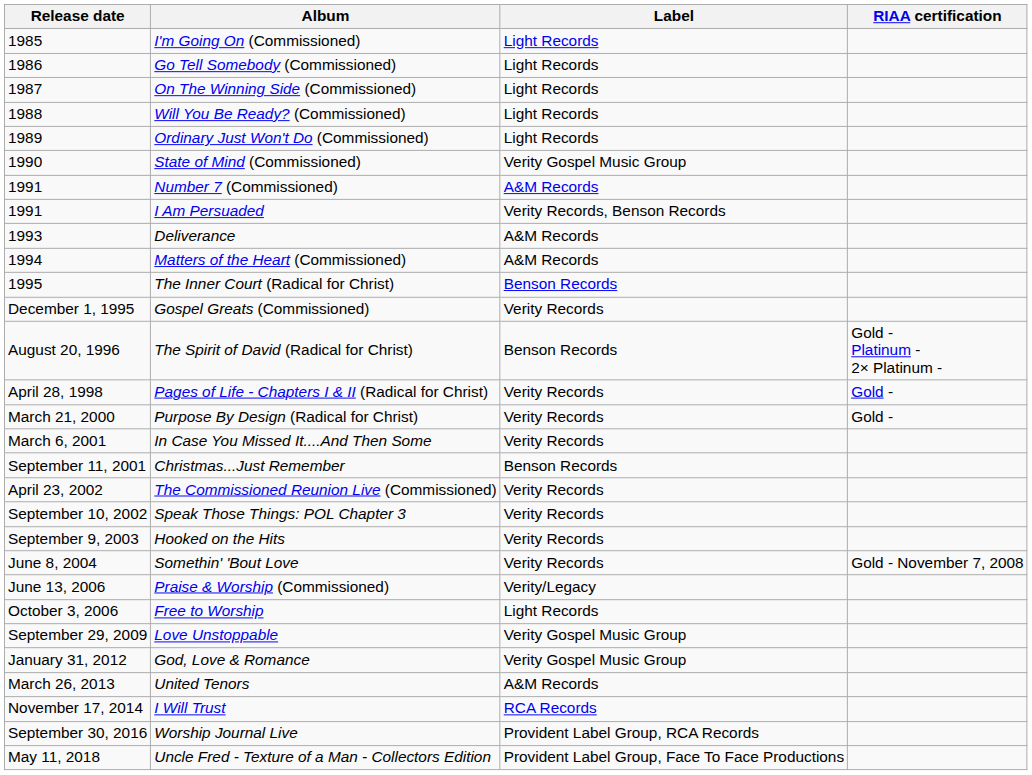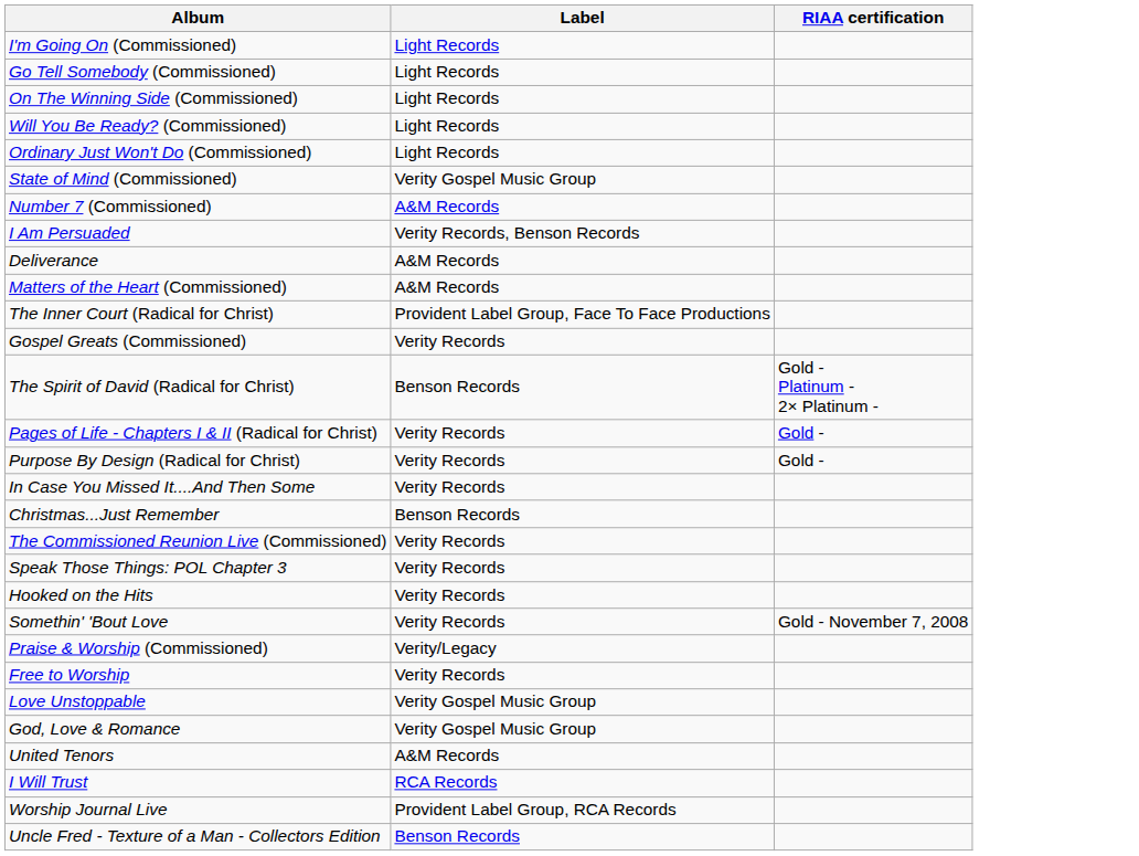 <table class="wikitable sortable">
 <tr>
-<th align="left">Release date</th>
 <th align="left">Album</th>
 <th align="left">Label</th>
 <th align="left"><a href='#'>RIAA</a> certification</th>
 </tr>
 <tr>
-<td>1985</td>
 <td><em><a href='#'>I'm Going On</a></em> (Commissioned)</td>
 <td><a href='#'>Light Records</a></td>
 <td></td>
 </tr>
 <tr>
-<td>1986</td>
 <td><em><a href='#'>Go Tell Somebody</a></em> (Commissioned)</td>
 <td>Light Records</td>
 <td></td>
 </tr>
 <tr>
-<td>1987</td>
 <td><em><a href='#'>On The Winning Side</a></em> (Commissioned)</td>
 <td>Light Records</td>
 <td></td>
 </tr>
 <tr>
-<td>1988</td>
 <td><em><a href='#'>Will You Be Ready?</a></em> (Commissioned)</td>
 <td>Light Records</td>
 <td></td>
 </tr>
 <tr>
-<td>1989</td>
 <td><em><a href='#'>Ordinary Just Won't Do</a></em> (Commissioned)</td>
 <td>Light Records</td>
 <td></td>
 </tr>
 <tr>
-<td>1990</td>
 <td><em><a href='#'>State of Mind</a></em> (Commissioned)</td>
 <td>Verity Gospel Music Group</td>
 <td></td>
 </tr>
 <tr>
-<td>1991</td>
 <td><em><a href='#'>Number 7</a></em> (Commissioned)</td>
 <td><a href='#'>A&M Records</a></td>
 <td></td>
 </tr>
 <tr>
-<td>1991</td>
 <td><em><a href='#'>I Am Persuaded</a></em></td>
 <td>Verity Records, Benson Records</td>
 <td></td>
 </tr>
 <tr>
-<td>1993</td>
 <td><em>Deliverance</em></td>
 <td>A&M Records</td>
 <td></td>
 </tr>
 <tr>
-<td>1994</td>
 <td><em><a href='#'>Matters of the Heart</a></em> (Commissioned)</td>
 <td>A&M Records</td>
 <td></td>
 </tr>
 <tr>
-<td>1995</td>
 <td><em>The Inner Court</em> (Radical for Christ)</td>
-<td><a href='#'>Benson Records</a></td>
+<td>Provident Label Group, Face To Face Productions</td>
 <td></td>
 </tr>
 <tr>
-<td>December 1, 1995</td>
 <td><em>Gospel Greats</em> (Commissioned)</td>
 <td>Verity Records</td>
 <td></td>
 </tr>
 <tr>
-<td>August 20, 1996</td>
 <td><em>The Spirit of David</em> (Radical for Christ)</td>
 <td>Benson Records</td>
 <td>Gold - <br><a href='#'>Platinum</a> - <br>2× Platinum - </td>
 </tr>
 <tr>
-<td>April 28, 1998</td>
 <td><em><a href='#'>Pages of Life - Chapters I & II</a></em> (Radical for Christ)</td>
 <td>Verity Records</td>
 <td><a href='#'>Gold</a> - </td>
 </tr>
 <tr>
-<td>March 21, 2000</td>
 <td><em>Purpose By Design</em> (Radical for Christ)</td>
 <td>Verity Records</td>
 <td>Gold - </td>
 </tr>
 <tr>
-<td>March 6, 2001</td>
 <td><em>In Case You Missed It....And Then Some</em></td>
 <td>Verity Records</td>
 <td></td>
 </tr>
 <tr>
-<td>September 11, 2001</td>
 <td><em>Christmas...Just Remember</em></td>
 <td>Benson Records</td>
 <td></td>
 </tr>
 <tr>
-<td>April 23, 2002</td>
 <td><em><a href='#'>The Commissioned Reunion Live</a></em> (Commissioned)</td>
 <td>Verity Records</td>
 <td></td>
 </tr>
 <tr>
-<td>September 10, 2002</td>
 <td><em>Speak Those Things: POL Chapter 3</em></td>
 <td>Verity Records</td>
 <td></td>
 </tr>
 <tr>
-<td>September 9, 2003</td>
 <td><em>Hooked on the Hits</em></td>
 <td>Verity Records</td>
 <td></td>
 </tr>
 <tr>
-<td>June 8, 2004</td>
 <td><em>Somethin' 'Bout Love</em></td>
 <td>Verity Records</td>
 <td align="left">Gold - November 7, 2008</td>
 </tr>
 <tr>
-<td>June 13, 2006</td>
 <td><em><a href='#'>Praise & Worship</a></em> (Commissioned)</td>
 <td>Verity/Legacy</td>
 <td></td>
 </tr>
 <tr>
-<td>October 3, 2006</td>
 <td><em><a href='#'>Free to Worship</a></em></td>
-<td>Light Records</td>
+<td>Verity Records</td>
 <td></td>
 </tr>
 <tr>
-<td>September 29, 2009</td>
 <td><em><a href='#'>Love Unstoppable</a></em></td>
 <td>Verity Gospel Music Group</td>
 <td></td>
 </tr>
 <tr>
-<td>January 31, 2012</td>
 <td><em>God, Love & Romance</em></td>
 <td>Verity Gospel Music Group</td>
 <td></td>
 </tr>
 <tr>
-<td>March 26, 2013</td>
 <td><em>United Tenors</em></td>
 <td>A&M Records</td>
 <td></td>
 </tr>
 <tr>
-<td>November 17, 2014</td>
 <td><em><a href='#'>I Will Trust</a></em></td>
 <td><a href='#'>RCA Records</a></td>
 <td></td>
 </tr>
 <tr>
-<td>September 30, 2016</td>
 <td><em>Worship Journal Live</em></td>
 <td>Provident Label Group, RCA Records</td>
 <td></td>
 </tr>
 <tr>
-<td>May 11, 2018</td>
 <td><em>Uncle Fred - Texture of a Man - Collectors Edition</em></td>
-<td>Provident Label Group, Face To Face Productions</td>
+<td><a href='#'>Benson Records</a></td>
 <td></td>
 </tr>
 </table>
